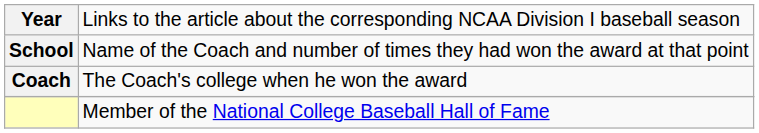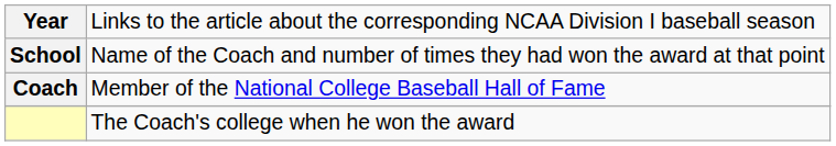 <table class="wikitable plainrowheaders">
 <tr>
 <th scope="row" style="text-align:center"><strong>Year</strong></th>
 <td>Links to the article about the corresponding NCAA Division I baseball season</td>
 </tr>
 <tr>
 <th scope="row" style="text-align:center"><strong>School</strong></th>
 <td>Name of the Coach and number of times they had won the award at that point</td>
 </tr>
 <tr>
 <th scope="row" style="text-align:center"><strong>Coach </strong></th>
-<td>The Coach's college when he won the award</td>
+<td>Member of the <a href='#'>National College Baseball Hall of Fame</a></td>
 </tr>
 <tr>
 </tr>
 <tr>
 <th scope="row" style="text-align:center; background:#ffb;"></th>
-<td>Member of the <a href='#'>National College Baseball Hall of Fame</a></td>
+<td>The Coach's college when he won the award</td>
 </tr>
 </table>
